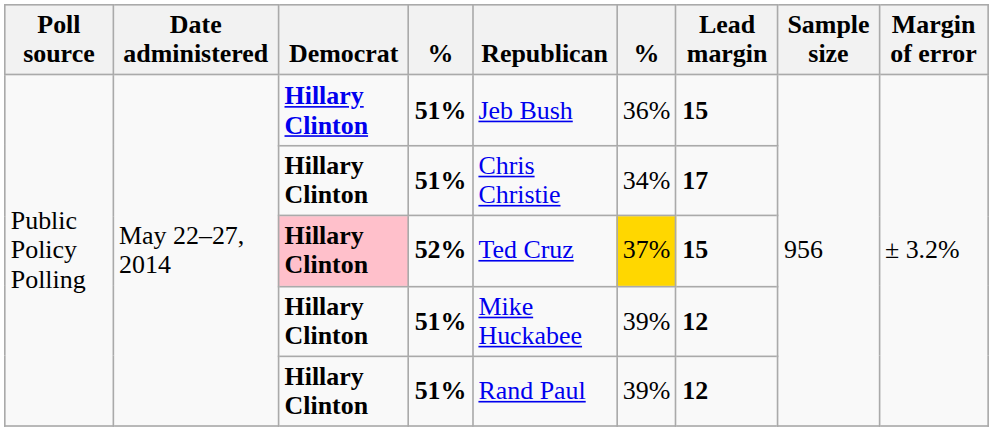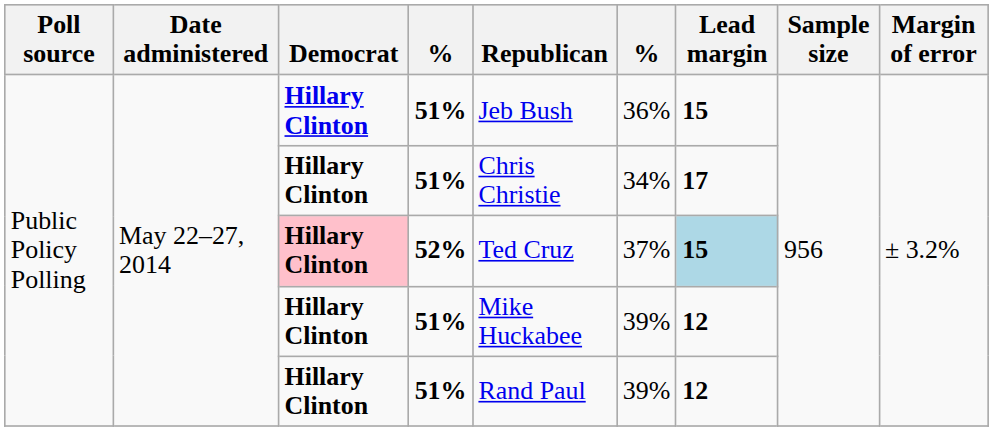 <table class="wikitable">
 <tr valign=bottom>
 <th>Poll source</th>
 <th>Date administered</th>
 <th>Democrat</th>
 <th>%</th>
 <th>Republican</th>
 <th>%</th>
 <th>Lead margin</th>
 <th>Sample size</th>
 <th>Margin of error</th>
 </tr>
 <tr>
 <td rowspan=5>Public Policy Polling</td>
 <td rowspan=5>May 22–27, 2014</td>
 <td><strong><a href='#'>Hillary Clinton</a></strong></td>
 <td><strong>51%</strong></td>
 <td><a href='#'>Jeb Bush</a></td>
 <td>36%</td>
 <td><strong>15</strong></td>
 <td rowspan=5>956</td>
 <td rowspan=5>± 3.2%</td>
 </tr>
 <tr>
 <td><strong>Hillary Clinton</strong></td>
 <td><strong>51%</strong></td>
 <td><a href='#'>Chris Christie</a></td>
 <td>34%</td>
 <td><strong>17</strong></td>
 </tr>
 <tr>
 <td style="background: pink;"><strong>Hillary Clinton</strong></td>
 <td><strong>52%</strong></td>
 <td><a href='#'>Ted Cruz</a></td>
-<td style="background: gold;">37%</td>
-<td><strong>15</strong></td>
+<td>37%</td>
+<td style="background: lightblue;"><strong>15</strong></td>
 </tr>
 <tr>
 <td><strong>Hillary Clinton</strong></td>
 <td><strong>51%</strong></td>
 <td><a href='#'>Mike Huckabee</a></td>
 <td>39%</td>
 <td><strong>12</strong></td>
 </tr>
 <tr>
 <td><strong>Hillary Clinton</strong></td>
 <td><strong>51%</strong></td>
 <td><a href='#'>Rand Paul</a></td>
 <td>39%</td>
 <td><strong>12</strong></td>
 </tr>
 </table>
